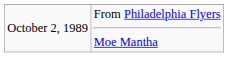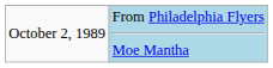 <table class="wikitable">
 <tr>
 </tr>
 <tr>
 <td>October 2, 1989</td>
-<td valign="top">From <a href='#'>Philadelphia Flyers</a><hr><a href='#'>Moe Mantha</a></td>
+<td valign="top" style="background: lightblue;">From <a href='#'>Philadelphia Flyers</a><hr><a href='#'>Moe Mantha</a></td>
 </tr>
 </table>
